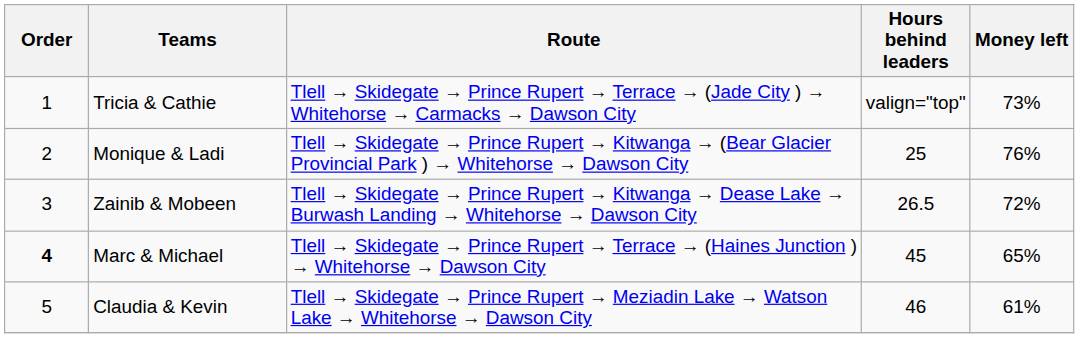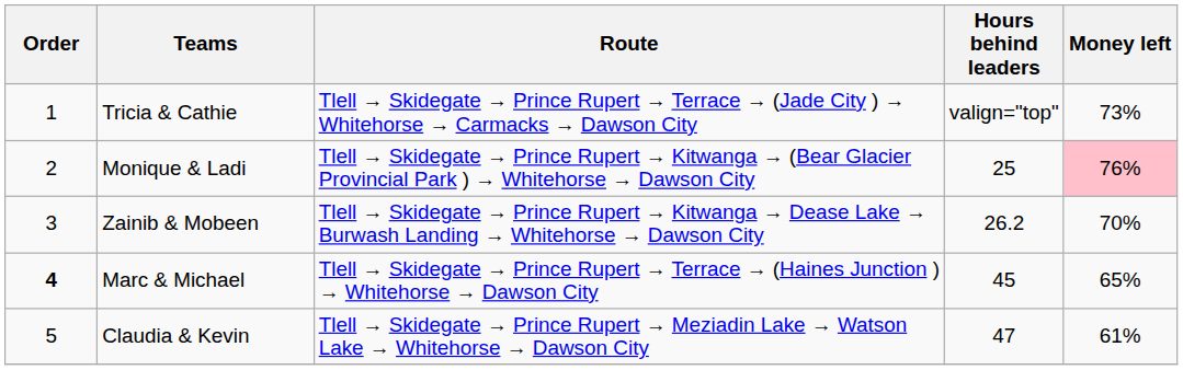 <table class="wikitable sortable" style="text-align:center">
 <tr>
 <th style="width:4em">Order</th>
 <th style="width:10em">Teams</th>
 <th style="width:30em">Route</th>
 <th style="width:5em">Hours behind leaders</th>
 <th style="width:5em">Money left</th>
 </tr>
 <tr>
 <td>1</td>
 <td style="text-align:left">Tricia & Cathie</td>
 <td style="text-align:left"><a href='#'>Tlell</a>  → <a href='#'>Skidegate</a>  → <a href='#'>Prince Rupert</a>  → <a href='#'>Terrace</a>  → (<a href='#'>Jade City</a> ) → <a href='#'>Whitehorse</a>  → <a href='#'>Carmacks</a>  → <a href='#'>Dawson City</a></td>
 <td>valign="top" </td>
 <td>73%</td>
 </tr>
 <tr>
 <td>2</td>
 <td style="text-align:left">Monique & Ladi</td>
 <td style="text-align:left"><a href='#'>Tlell</a>  → <a href='#'>Skidegate</a>  → <a href='#'>Prince Rupert</a>  → <a href='#'>Kitwanga</a>  → (<a href='#'>Bear Glacier Provincial Park</a> ) → <a href='#'>Whitehorse</a>  → <a href='#'>Dawson City</a></td>
 <td>25</td>
-<td>76%</td>
+<td style="background: pink;">76%</td>
 </tr>
 <tr>
 <td>3</td>
 <td style="text-align:left">Zainib & Mobeen</td>
 <td style="text-align:left"><a href='#'>Tlell</a>  → <a href='#'>Skidegate</a>  → <a href='#'>Prince Rupert</a>  → <a href='#'>Kitwanga</a>  → <a href='#'>Dease Lake</a>  → <a href='#'>Burwash Landing</a>    → <a href='#'>Whitehorse</a>  → <a href='#'>Dawson City</a></td>
-<td>26.5</td>
-<td>72%</td>
+<td>26.2</td>
+<td>70%</td>
 </tr>
 <tr>
 <td><strong>4</strong></td>
 <td style="text-align:left">Marc & Michael</td>
 <td style="text-align:left"><a href='#'>Tlell</a>  → <a href='#'>Skidegate</a>  → <a href='#'>Prince Rupert</a>  → <a href='#'>Terrace</a>  → (<a href='#'>Haines Junction</a> ) → <a href='#'>Whitehorse</a>  → <a href='#'>Dawson City</a></td>
 <td>45</td>
 <td>65%</td>
 </tr>
 <tr>
 <td>5</td>
 <td style="text-align:left">Claudia & Kevin</td>
 <td style="text-align:left"><a href='#'>Tlell</a>  → <a href='#'>Skidegate</a>  → <a href='#'>Prince Rupert</a>  → <a href='#'>Meziadin Lake</a>  → <a href='#'>Watson Lake</a>  → <a href='#'>Whitehorse</a>   → <a href='#'>Dawson City</a></td>
-<td>46</td>
+<td>47</td>
 <td>61%</td>
 </tr>
 <tr>
 </tr>
 </table>
